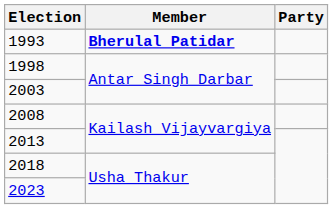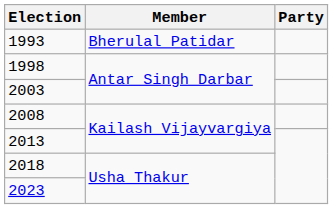 <table class="wikitable sortable">
 <tr>
 <th>Election</th>
 <th>Member</th>
 <th colspan=2>Party</th>
 </tr>
 <tr>
 <td>1993</td>
-<td><strong><a href='#'>Bherulal Patidar</a></strong></td>
+<td><a href='#'>Bherulal Patidar</a></td>
 <td></td>
 </tr>
 <tr>
 <td>1998</td>
 <td rowspan="2"><a href='#'>Antar Singh Darbar</a></td>
 <td></td>
 </tr>
 <tr>
 <td>2003</td>
 </tr>
 <tr>
 <td>2008</td>
 <td rowspan="2"><a href='#'>Kailash Vijayvargiya</a></td>
 <td></td>
 </tr>
 <tr>
 <td>2013</td>
 </tr>
 <tr>
 <td>2018</td>
 <td rowspan="2"><a href='#'>Usha Thakur</a></td>
 </tr>
 <tr>
 <td><a href='#'>2023</a></td>
 </tr>
 </table>
